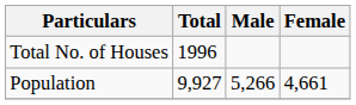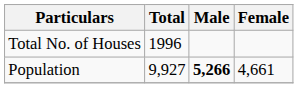 <table class="wikitable sortable">
 <tr>
 <th>Particulars</th>
 <th>Total</th>
 <th>Male</th>
 <th>Female</th>
 </tr>
 <tr>
 <td>Total No. of Houses</td>
 <td>1996</td>
 <td></td>
 <td></td>
 </tr>
 <tr>
 <td>Population</td>
 <td>9,927</td>
-<td>5,266</td>
+<td><strong>5,266</strong></td>
 <td>4,661</td>
 </tr>
 <tr>
 </tr>
 </table>
